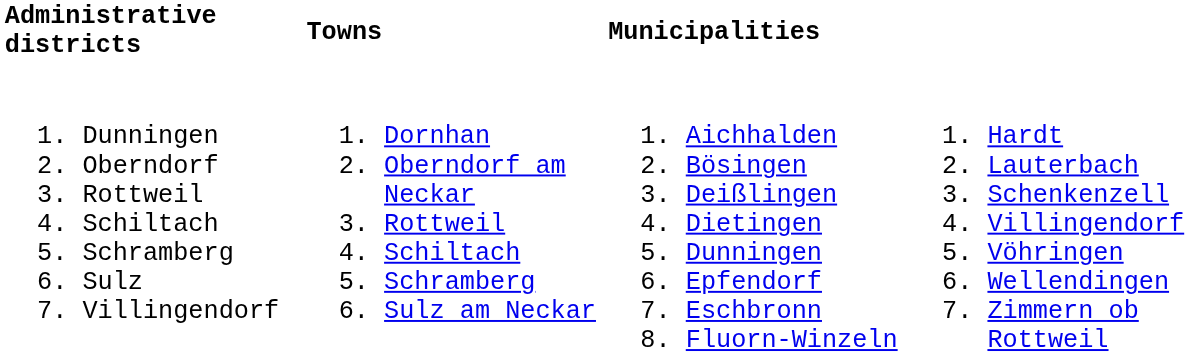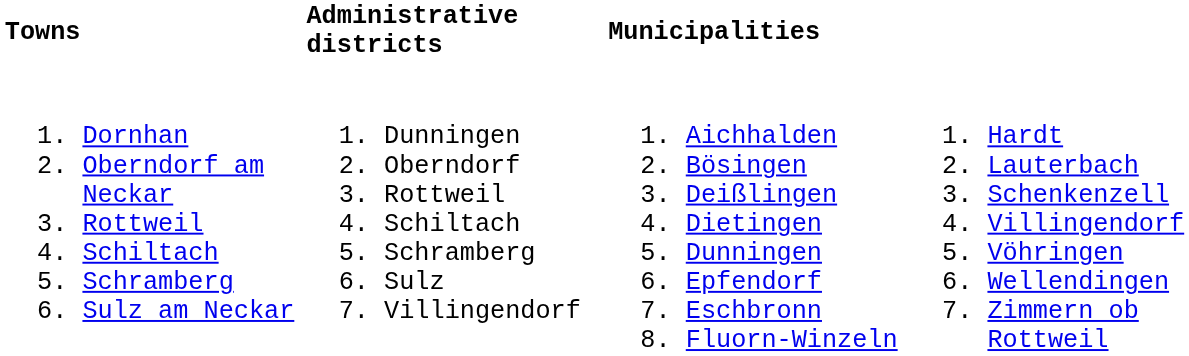 <table>
 <tr>
+<th width=25% align=left>Towns</th>
 <th width=25% align=left>Administrative districts</th>
-<th width=25% align=left>Towns</th>
 <th width=25% align=left>Municipalities</th>
 <th width=25% align=left></th>
 </tr>
 <tr valign=top>
+<td><br><ol><li><a href='#'>Dornhan</a></li><li><a href='#'>Oberndorf am Neckar</a></li><li><a href='#'>Rottweil</a></li><li><a href='#'>Schiltach</a></li><li><a href='#'>Schramberg</a></li><li><a href='#'>Sulz am Neckar</a></li></ol></td>
 <td><br><ol><li>Dunningen</li><li>Oberndorf</li><li>Rottweil</li><li>Schiltach</li><li>Schramberg</li><li>Sulz</li><li>Villingendorf</li></ol></td>
-<td><br><ol><li><a href='#'>Dornhan</a></li><li><a href='#'>Oberndorf am Neckar</a></li><li><a href='#'>Rottweil</a></li><li><a href='#'>Schiltach</a></li><li><a href='#'>Schramberg</a></li><li><a href='#'>Sulz am Neckar</a></li></ol></td>
 <td><br><ol><li><a href='#'>Aichhalden</a></li><li><a href='#'>Bösingen</a></li><li><a href='#'>Deißlingen</a></li><li><a href='#'>Dietingen</a></li><li><a href='#'>Dunningen</a></li><li><a href='#'>Epfendorf</a></li><li><a href='#'>Eschbronn</a></li><li><a href='#'>Fluorn-Winzeln</a></li></ol></td>
 <td><br><ol> <li><a href='#'>Hardt</a> <li><a href='#'>Lauterbach</a> <li><a href='#'>Schenkenzell</a> <li><a href='#'>Villingendorf</a> <li><a href='#'>Vöhringen</a> <li><a href='#'>Wellendingen</a> <li><a href='#'>Zimmern ob Rottweil</a> </ol></td>
 </tr>
 </table>
